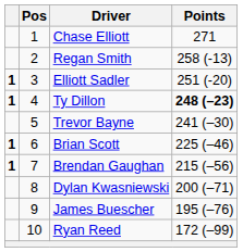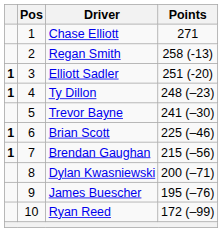 <table class="wikitable" style="font-size: 95%;">
 <tr>
 <th></th>
 <th>Pos</th>
 <th>Driver</th>
 <th>Points</th>
 </tr>
 <tr>
 <td align="left"></td>
 <td style="text-align:center;">1</td>
 <td><a href='#'>Chase Elliott</a></td>
 <td style="text-align:center;">271</td>
 </tr>
 <tr>
 <td align="left"></td>
 <td style="text-align:center;">2</td>
 <td><a href='#'>Regan Smith</a></td>
 <td style="text-align:center;">258 (-13)</td>
 </tr>
 <tr>
 <td align="left"> <strong>1</strong></td>
 <td style="text-align:center;">3</td>
 <td><a href='#'>Elliott Sadler</a></td>
 <td style="text-align:center;">251 (-20)</td>
 </tr>
 <tr>
 <td align="left"> <strong>1</strong></td>
 <td style="text-align:center;">4</td>
 <td><a href='#'>Ty Dillon</a></td>
-<td style="text-align:center;"><strong>248 (–23)</strong></td>
+<td style="text-align:center;">248 (–23)</td>
 </tr>
 <tr>
 <td align="left"></td>
 <td style="text-align:center;">5</td>
 <td><a href='#'>Trevor Bayne</a></td>
 <td style="text-align:center;">241 (–30)</td>
 </tr>
 <tr>
 <td align="left"> <strong>1</strong></td>
 <td style="text-align:center;">6</td>
 <td><a href='#'>Brian Scott</a></td>
 <td style="text-align:center;">225 (–46)</td>
 </tr>
 <tr>
 <td align="left"> <strong>1</strong></td>
 <td style="text-align:center;">7</td>
 <td><a href='#'>Brendan Gaughan</a></td>
 <td style="text-align:center;">215 (–56)</td>
 </tr>
 <tr>
 <td align="left"></td>
 <td style="text-align:center;">8</td>
 <td><a href='#'>Dylan Kwasniewski</a></td>
 <td style="text-align:center;">200 (–71)</td>
 </tr>
 <tr>
 <td align="left"></td>
 <td style="text-align:center;">9</td>
 <td><a href='#'>James Buescher</a></td>
 <td style="text-align:center;">195 (–76)</td>
 </tr>
 <tr>
 <td align="left"></td>
 <td style="text-align:center;">10</td>
 <td><a href='#'>Ryan Reed</a></td>
 <td style="text-align:center;">172 (–99)</td>
 </tr>
 <tr class="sortbottom">
 <th colspan="9"></th>
 </tr>
 </table>
